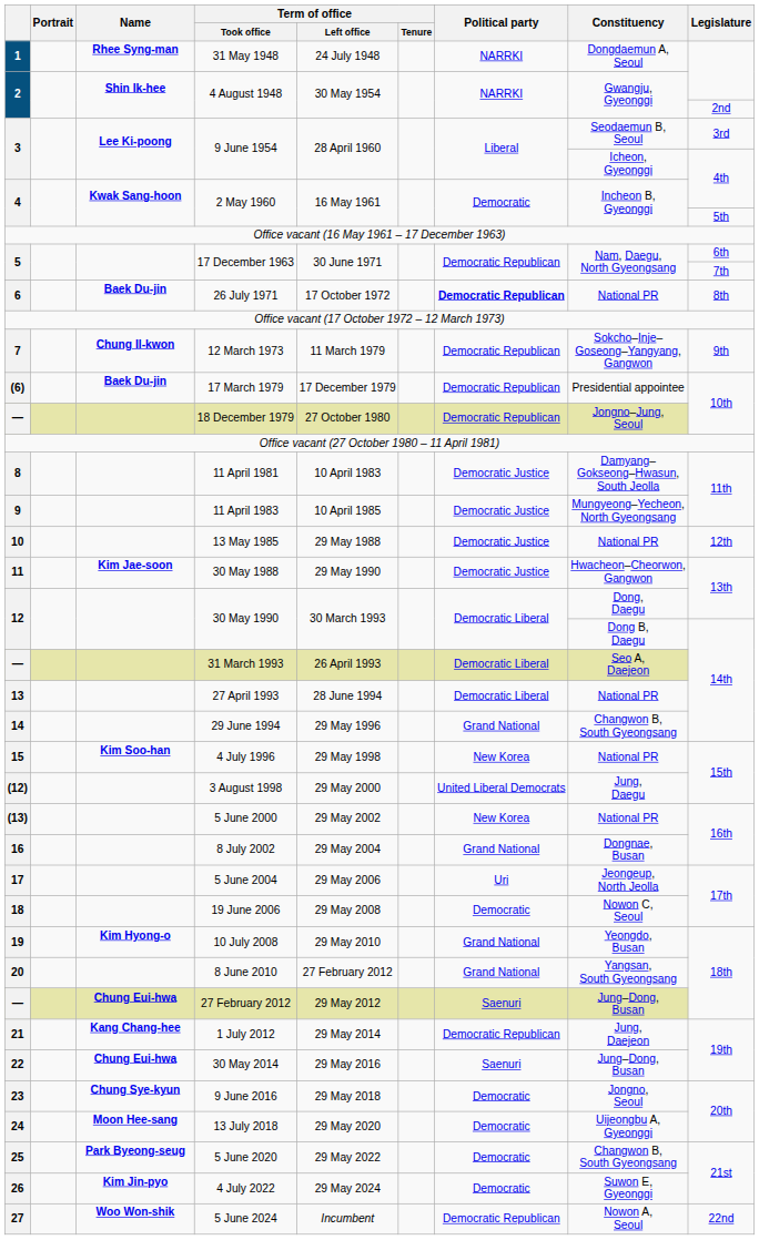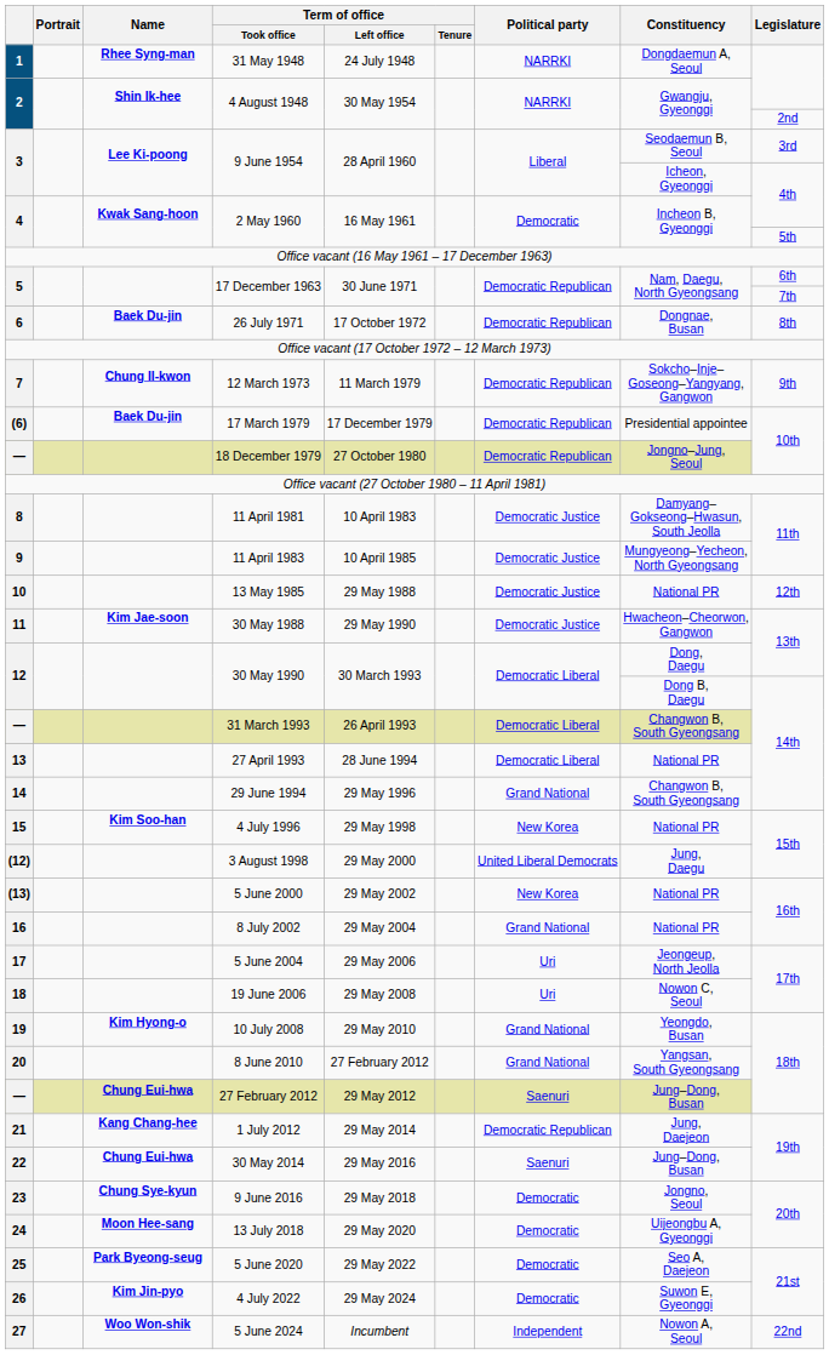 <table class="wikitable" style="text-align:center">
 <tr>
 <th rowspan="2"></th>
 <th rowspan="2">Portrait</th>
 <th rowspan="2" width="160">Name<br></th>
 <th colspan="3">Term of office</th>
 <th rowspan="2">Political party</th>
 <th rowspan="2">Constituency</th>
 <th rowspan="2">Legislature<br></th>
 </tr>
 <tr>
 <th><small>Took office</small></th>
 <th><small>Left office</small></th>
 <th style="width:10px"><small>Tenure</small></th>
 </tr>
 <tr>
 <th style="background:#05517E; color:white">1</th>
 <td></td>
 <td><strong><a href='#'>Rhee Syng-man</a></strong><br><br></td>
 <td>31 May 1948</td>
 <td>24 July 1948</td>
 <td><small></small></td>
 <td><a href='#'>NARRKI</a></td>
 <td><a href='#'>Dongdaemun</a> A,<br><a href='#'>Seoul</a></td>
 <td rowspan="2"><a href='#'><br></a></td>
 </tr>
 <tr style="height:40px;">
 <th rowspan="2" style="background:#05517E; color:white">2</th>
 <td rowspan="2"></td>
 <td rowspan="2"><strong><a href='#'>Shin Ik-hee</a></strong><br><br></td>
 <td rowspan="2">4 August 1948</td>
 <td rowspan="2">30 May 1954</td>
 <td rowspan="2"><small></small></td>
 <td rowspan="2"><a href='#'>NARRKI</a></td>
 <td rowspan="2"><a href='#'>Gwangju</a>,<br><a href='#'>Gyeonggi</a></td>
 </tr>
 <tr>
 <td><a href='#'>2nd </a></td>
 </tr>
 <tr>
 <th rowspan="2" style="background:">3</th>
 <td rowspan="2"></td>
 <td rowspan="2"><strong><a href='#'>Lee Ki-poong</a></strong><br><br></td>
 <td rowspan="2">9 June 1954</td>
 <td rowspan="2">28 April 1960</td>
 <td rowspan="2"><small></small></td>
 <td rowspan="2"><a href='#'>Liberal</a></td>
 <td><a href='#'>Seodaemun</a> B,<br><a href='#'>Seoul</a></td>
 <td><a href='#'>3rd </a></td>
 </tr>
 <tr>
 <td><a href='#'>Icheon</a>,<br><a href='#'>Gyeonggi</a></td>
 <td rowspan="2"><a href='#'>4th </a></td>
 </tr>
 <tr style="height:40px;">
 <th rowspan="2" style="background:">4</th>
 <td rowspan="2"></td>
 <td rowspan="2"><strong><a href='#'>Kwak Sang-hoon</a></strong><br><br></td>
 <td rowspan="2">2 May 1960</td>
 <td rowspan="2">16 May 1961</td>
 <td rowspan="2"><small></small></td>
 <td rowspan="2"><a href='#'>Democratic</a></td>
 <td rowspan="2"><a href='#'>Incheon</a> B,<br><a href='#'>Gyeonggi</a></td>
 </tr>
 <tr>
 <td><a href='#'>5th </a></td>
 </tr>
 <tr>
 <td colspan="9"><em>Office vacant (16 May 1961 – 17 December 1963)</em></td>
 </tr>
 <tr>
 <th rowspan="2" style="background:">5</th>
 <td rowspan="2"></td>
 <td rowspan="2"><strong></strong><br><br></td>
 <td rowspan="2">17 December 1963</td>
 <td rowspan="2">30 June 1971</td>
 <td rowspan="2"><small></small></td>
 <td rowspan="2"><a href='#'>Democratic Republican</a></td>
 <td rowspan="2"><a href='#'>Nam</a>, <a href='#'>Daegu</a>,<br><a href='#'>North Gyeongsang</a></td>
 <td><a href='#'>6th </a></td>
 </tr>
 <tr>
 <td><a href='#'>7th </a></td>
 </tr>
 <tr>
 <th style="background:">6</th>
 <td></td>
 <td><strong><a href='#'>Baek Du-jin</a></strong><br><br></td>
 <td>26 July 1971</td>
 <td>17 October 1972</td>
 <td><small></small></td>
-<td><strong><a href='#'>Democratic Republican</a></strong></td>
-<td><a href='#'>National PR</a></td>
+<td><a href='#'>Democratic Republican</a></td>
+<td><a href='#'>Dongnae</a>,<br><a href='#'>Busan</a></td>
 <td><a href='#'>8th </a></td>
 </tr>
 <tr>
 <td colspan="9"><em>Office vacant (17 October 1972 – 12 March 1973)</em></td>
 </tr>
 <tr>
 <th style="background:">7</th>
 <td></td>
 <td><strong><a href='#'>Chung Il-kwon</a></strong><br><br></td>
 <td>12 March 1973</td>
 <td>11 March 1979</td>
 <td><small></small></td>
 <td><a href='#'>Democratic Republican</a></td>
 <td><a href='#'>Sokcho</a>–<a href='#'>Inje</a>–<br><a href='#'>Goseong</a>–<a href='#'>Yangyang</a>,<br><a href='#'>Gangwon</a></td>
 <td><a href='#'>9th </a></td>
 </tr>
 <tr>
 <th style="background:">(6)</th>
 <td></td>
 <td><strong><a href='#'>Baek Du-jin</a></strong><br><br></td>
 <td>17 March 1979</td>
 <td>17 December 1979</td>
 <td><small></small></td>
 <td><a href='#'>Democratic Republican</a></td>
 <td>Presidential appointee</td>
 <td rowspan="2"><a href='#'>10th </a></td>
 </tr>
 <tr style="background:#E6E6AA;">
 <th style="background:">—</th>
 <td></td>
 <td><strong></strong><br><br></td>
 <td>18 December 1979</td>
 <td>27 October 1980</td>
 <td><small></small></td>
 <td><a href='#'>Democratic Republican</a></td>
 <td><a href='#'>Jongno</a>–<a href='#'>Jung</a>,<br><a href='#'>Seoul</a></td>
 </tr>
 <tr>
 <td colspan="9"><em>Office vacant (27 October 1980 – 11 April 1981)</em></td>
 </tr>
 <tr>
 <th style="background:">8</th>
 <td></td>
 <td><strong></strong><br><br></td>
 <td>11 April 1981</td>
 <td>10 April 1983</td>
 <td><small></small></td>
 <td><a href='#'>Democratic Justice</a></td>
 <td><a href='#'>Damyang</a>–<br><a href='#'>Gokseong</a>–<a href='#'>Hwasun</a>,<br><a href='#'>South Jeolla</a></td>
 <td rowspan="2"><a href='#'>11th </a></td>
 </tr>
 <tr>
 <th style="background:">9</th>
 <td></td>
 <td><strong></strong><br><br></td>
 <td>11 April 1983</td>
 <td>10 April 1985</td>
 <td><small></small></td>
 <td><a href='#'>Democratic Justice</a></td>
 <td><a href='#'>Mungyeong</a>–<a href='#'>Yecheon</a>,<br><a href='#'>North Gyeongsang</a></td>
 </tr>
 <tr>
 <th style="background:">10</th>
 <td></td>
 <td><strong></strong><br><br></td>
 <td>13 May 1985</td>
 <td>29 May 1988</td>
 <td><small></small></td>
 <td><a href='#'>Democratic Justice</a></td>
 <td><a href='#'>National PR</a></td>
 <td><a href='#'>12th </a></td>
 </tr>
 <tr>
 <th style="background:">11</th>
 <td></td>
 <td><strong><a href='#'>Kim Jae-soon</a></strong><br><br></td>
 <td>30 May 1988</td>
 <td>29 May 1990</td>
 <td><small></small></td>
 <td><a href='#'>Democratic Justice</a></td>
 <td><a href='#'>Hwacheon</a>–<a href='#'>Cheorwon</a>,<br><a href='#'>Gangwon</a></td>
 <td rowspan="2"><a href='#'>13th </a></td>
 </tr>
 <tr>
 <th rowspan="2" style="background:">12</th>
 <td rowspan="2"></td>
 <td rowspan="2"><strong></strong><br><br></td>
 <td rowspan="2">30 May 1990</td>
 <td rowspan="2">30 March 1993</td>
 <td rowspan="2"><small></small></td>
 <td rowspan="2"><a href='#'>Democratic Liberal</a></td>
 <td><a href='#'>Dong</a>,<br><a href='#'>Daegu</a></td>
 </tr>
 <tr>
 <td><a href='#'>Dong</a> B,<br><a href='#'>Daegu</a></td>
 <td rowspan="4"><a href='#'>14th </a></td>
 </tr>
 <tr style="background:#E6E6AA;">
 <th style="background:">—</th>
 <td></td>
 <td><strong></strong><br><br></td>
 <td>31 March 1993</td>
 <td>26 April 1993</td>
 <td><small></small></td>
 <td><a href='#'>Democratic Liberal</a></td>
-<td><a href='#'>Seo</a> A,<br><a href='#'>Daejeon</a></td>
+<td><a href='#'>Changwon</a> B,<br><a href='#'>South Gyeongsang</a></td>
 </tr>
 <tr>
 <th style="background:">13</th>
 <td></td>
 <td><strong></strong><br><br></td>
 <td>27 April 1993</td>
 <td>28 June 1994</td>
 <td><small></small></td>
 <td><a href='#'>Democratic Liberal</a></td>
 <td><a href='#'>National PR</a></td>
 </tr>
 <tr>
 <th style="background:">14</th>
 <td></td>
 <td><strong></strong><br><br></td>
 <td>29 June 1994</td>
 <td>29 May 1996</td>
 <td><small></small></td>
 <td><a href='#'>Grand National</a></td>
 <td><a href='#'>Changwon</a> B,<br><a href='#'>South Gyeongsang</a></td>
 </tr>
 <tr>
 <th style="background:">15</th>
 <td></td>
 <td><strong><a href='#'>Kim Soo-han</a></strong><br><br></td>
 <td>4 July 1996</td>
 <td>29 May 1998</td>
 <td><small></small></td>
 <td><a href='#'>New Korea</a></td>
 <td><a href='#'>National PR</a></td>
 <td rowspan="2"><a href='#'>15th </a></td>
 </tr>
 <tr>
 <th style="background:">(12)</th>
 <td></td>
 <td><strong></strong><br><br></td>
 <td>3 August 1998</td>
 <td>29 May 2000</td>
 <td><small></small></td>
 <td><a href='#'>United Liberal Democrats</a></td>
 <td><a href='#'>Jung</a>,<br><a href='#'>Daegu</a></td>
 </tr>
 <tr>
 <th style="background:">(13)</th>
 <td></td>
 <td><strong></strong><br><br></td>
 <td>5 June 2000</td>
 <td>29 May 2002</td>
 <td><small></small></td>
 <td><a href='#'>New Korea</a></td>
 <td><a href='#'>National PR</a></td>
 <td rowspan="2"><a href='#'>16th </a></td>
 </tr>
 <tr>
 <th style="background:">16</th>
 <td></td>
 <td><strong></strong><br><br></td>
 <td>8 July 2002</td>
 <td>29 May 2004</td>
 <td><small></small></td>
 <td><a href='#'>Grand National</a></td>
-<td><a href='#'>Dongnae</a>,<br><a href='#'>Busan</a></td>
+<td><a href='#'>National PR</a></td>
 </tr>
 <tr>
 <th style="background:">17</th>
 <td></td>
 <td><strong></strong><br><br></td>
 <td>5 June 2004</td>
 <td>29 May 2006</td>
 <td><small></small></td>
 <td><a href='#'>Uri</a></td>
 <td><a href='#'>Jeongeup</a>,<br><a href='#'>North Jeolla</a></td>
 <td rowspan="2"><a href='#'>17th </a></td>
 </tr>
 <tr>
 <th style="background:">18</th>
 <td></td>
 <td><strong></strong><br><br></td>
 <td>19 June 2006</td>
 <td>29 May 2008</td>
 <td><small></small></td>
-<td><a href='#'>Democratic</a></td>
+<td><a href='#'>Uri</a></td>
 <td><a href='#'>Nowon</a> C,<br><a href='#'>Seoul</a></td>
 </tr>
 <tr>
 <th style="background:">19</th>
 <td></td>
 <td><strong><a href='#'>Kim Hyong-o</a></strong><br><br></td>
 <td>10 July 2008</td>
 <td>29 May 2010</td>
 <td><small></small></td>
 <td><a href='#'>Grand National</a></td>
 <td><a href='#'>Yeongdo</a>,<br><a href='#'>Busan</a></td>
 <td rowspan="3"><a href='#'>18th </a></td>
 </tr>
 <tr>
 <th style="background:">20</th>
 <td></td>
 <td><strong></strong><br><br></td>
 <td>8 June 2010</td>
 <td>27 February 2012</td>
 <td><small></small></td>
 <td><a href='#'>Grand National</a></td>
 <td><a href='#'>Yangsan</a>,<br><a href='#'>South Gyeongsang</a></td>
 </tr>
 <tr style="background:#E6E6AA;">
 <th style="background:">—</th>
 <td></td>
 <td><strong><a href='#'>Chung Eui-hwa</a></strong><br><br></td>
 <td>27 February 2012</td>
 <td>29 May 2012</td>
 <td><small></small></td>
 <td><a href='#'>Saenuri</a></td>
 <td><a href='#'>Jung</a>–<a href='#'>Dong</a>,<br><a href='#'>Busan</a></td>
 </tr>
 <tr>
 <th style="background:">21</th>
 <td></td>
 <td><strong><a href='#'>Kang Chang-hee</a></strong><br><br></td>
 <td>1 July 2012</td>
 <td>29 May 2014</td>
 <td><small></small></td>
 <td><a href='#'>Democratic Republican</a></td>
 <td><a href='#'>Jung</a>,<br><a href='#'>Daejeon</a></td>
 <td rowspan="2"><a href='#'>19th </a></td>
 </tr>
 <tr>
 <th style="background:">22</th>
 <td></td>
 <td><strong><a href='#'>Chung Eui-hwa</a></strong><br><br></td>
 <td>30 May 2014</td>
 <td>29 May 2016</td>
 <td><small></small></td>
 <td><a href='#'>Saenuri</a></td>
 <td><a href='#'>Jung</a>–<a href='#'>Dong</a>,<br><a href='#'>Busan</a></td>
 </tr>
 <tr>
 <th style="background:">23</th>
 <td></td>
 <td><strong><a href='#'>Chung Sye-kyun</a></strong><br><br></td>
 <td>9 June 2016</td>
 <td>29 May 2018</td>
 <td><small></small></td>
 <td><a href='#'>Democratic</a></td>
 <td><a href='#'>Jongno</a>,<br><a href='#'>Seoul</a></td>
 <td rowspan="2"><a href='#'>20th </a></td>
 </tr>
 <tr>
 <th style="background:">24</th>
 <td></td>
 <td><strong><a href='#'>Moon Hee-sang</a></strong><br><br></td>
 <td>13 July 2018</td>
 <td>29 May 2020</td>
 <td><small></small></td>
 <td><a href='#'>Democratic</a></td>
 <td><a href='#'>Uijeongbu</a> A,<br><a href='#'>Gyeonggi</a></td>
 </tr>
 <tr>
 <th style="background:">25</th>
 <td></td>
 <td><strong><a href='#'>Park Byeong-seug</a></strong><br><br></td>
 <td>5 June 2020</td>
 <td>29 May 2022</td>
 <td><small></small></td>
 <td><a href='#'>Democratic</a></td>
-<td><a href='#'>Changwon</a> B,<br><a href='#'>South Gyeongsang</a></td>
+<td><a href='#'>Seo</a> A,<br><a href='#'>Daejeon</a></td>
 <td rowspan="2"><a href='#'>21st </a></td>
 </tr>
 <tr>
 <th style="background:">26</th>
 <td></td>
 <td><strong><a href='#'>Kim Jin-pyo</a></strong><br><br></td>
 <td>4 July 2022</td>
 <td>29 May 2024</td>
 <td><small></small></td>
 <td><a href='#'>Democratic</a></td>
 <td><a href='#'>Suwon</a> E,<br><a href='#'>Gyeonggi</a></td>
 </tr>
 <tr>
 <th style="background:">27</th>
 <td></td>
 <td><strong><a href='#'>Woo Won-shik</a></strong><br><br></td>
 <td>5 June 2024</td>
 <td><em>Incumbent</em></td>
 <td><small></small></td>
-<td><a href='#'>Democratic Republican</a></td>
+<td><a href='#'>Independent</a></td>
 <td><a href='#'>Nowon</a> A,<br><a href='#'>Seoul</a></td>
 <td><a href='#'>22nd </a></td>
 </tr>
 </table>
